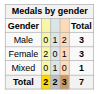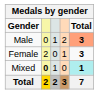 <table class="wikitable" style="font-size:85%;float:right">
 <tr bgcolor=EFEFEF>
 <th colspan=5>Medals by gender</th>
 </tr>
 <tr align=center>
 <td><strong>Gender</strong></td>
 <td bgcolor=F7F6A8></td>
 <td bgcolor=DCE5E5></td>
 <td bgcolor=FFDAB9></td>
 <td><strong>Total</strong></td>
 </tr>
 <tr align=center>
 <td>Male</td>
 <td bgcolor=F7F6A8>0</td>
 <td bgcolor=DCE5E5>1</td>
 <td bgcolor=FFDAB9>2</td>
-<td><strong>3</strong></td>
+<td style="background: lightsalmon;"><strong>3</strong></td>
 </tr>
 <tr align=center>
 <td>Female</td>
 <td bgcolor=F7F6A8>2</td>
 <td bgcolor=DCE5E5>0</td>
 <td bgcolor=FFDAB9>1</td>
 <td><strong>3</strong></td>
 </tr>
 <tr align=center>
 <td>Mixed</td>
-<td bgcolor=F7F6A8>0</td>
+<td bgcolor=F7F6A8><strong>0</strong></td>
 <td bgcolor=DCE5E5>1</td>
 <td bgcolor=FFDAB9>0</td>
-<td><strong>1</strong></td>
+<td style="background: paleturquoise;"><strong>1</strong></td>
 </tr>
 <tr align=center>
 <th>Total</th>
 <th style="background:gold">2</th>
 <th style="background:silver">2</th>
 <th style="background:#c96">3</th>
 <th>7</th>
 </tr>
 </table>
